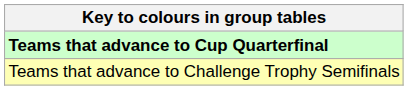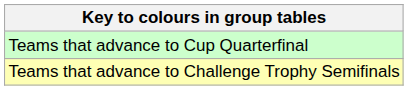 <table class="wikitable" style="text-align: center;">
 <tr>
 <th colspan=2>Key to colours in group tables</th>
 </tr>
 <tr bgcolor=ccffcc>
-<td align=left><strong>Teams that advance to Cup Quarterfinal</strong></td>
+<td align=left>Teams that advance to Cup Quarterfinal</td>
 </tr>
 <tr bgcolor=feffb4>
 <td align=left>Teams that advance to Challenge Trophy Semifinals</td>
 </tr>
 </table>
